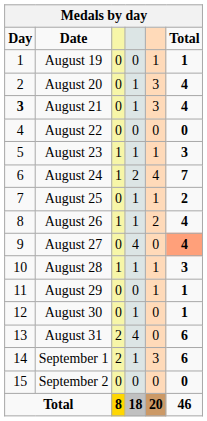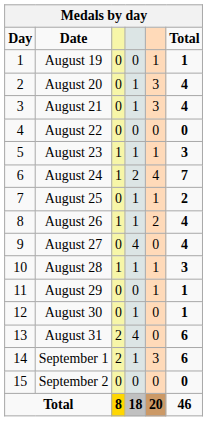 <table class=wikitable style="font-size:85%; float:right;text-align:center">
 <tr>
 <th colspan=7>Medals by day</th>
 </tr>
 <tr>
 <td><strong>Day</strong></td>
 <td><strong>Date</strong></td>
 <td bgcolor=F7F6A8></td>
 <td bgcolor=DCE5E5></td>
 <td bgcolor=FFDAB9></td>
 <td><strong>Total</strong></td>
 </tr>
 <tr>
 <td>1</td>
 <td>August 19</td>
 <td bgcolor=F7F6A8>0</td>
 <td bgcolor=DCE5E5>0</td>
 <td bgcolor=FFDAB9>1</td>
 <td><strong>1</strong></td>
 </tr>
 <tr>
 <td>2</td>
 <td>August 20</td>
 <td bgcolor=F7F6A8>0</td>
 <td bgcolor=DCE5E5>1</td>
 <td bgcolor=FFDAB9>3</td>
 <td><strong>4</strong></td>
 </tr>
 <tr>
-<td><strong>3</strong></td>
+<td>3</td>
 <td>August 21</td>
 <td bgcolor=F7F6A8>0</td>
 <td bgcolor=DCE5E5>1</td>
 <td bgcolor=FFDAB9>3</td>
 <td><strong>4</strong></td>
 </tr>
 <tr>
 <td>4</td>
 <td>August 22</td>
 <td bgcolor=F7F6A8>0</td>
 <td bgcolor=DCE5E5>0</td>
 <td bgcolor=FFDAB9>0</td>
 <td><strong>0</strong></td>
 </tr>
 <tr>
 <td>5</td>
 <td>August 23</td>
 <td bgcolor=F7F6A8>1</td>
 <td bgcolor=DCE5E5>1</td>
 <td bgcolor=FFDAB9>1</td>
 <td><strong>3</strong></td>
 </tr>
 <tr>
 <td>6</td>
 <td>August 24</td>
 <td bgcolor=F7F6A8>1</td>
 <td bgcolor=DCE5E5>2</td>
 <td bgcolor=FFDAB9>4</td>
 <td><strong>7</strong></td>
 </tr>
 <tr>
 <td>7</td>
 <td>August 25</td>
 <td bgcolor=F7F6A8>0</td>
 <td bgcolor=DCE5E5>1</td>
 <td bgcolor=FFDAB9>1</td>
 <td><strong>2</strong></td>
 </tr>
 <tr>
 <td>8</td>
 <td>August 26</td>
 <td bgcolor=F7F6A8>1</td>
 <td bgcolor=DCE5E5>1</td>
 <td bgcolor=FFDAB9>2</td>
 <td><strong>4</strong></td>
 </tr>
 <tr>
 <td>9</td>
 <td>August 27</td>
 <td bgcolor=F7F6A8>0</td>
 <td bgcolor=DCE5E5>4</td>
 <td bgcolor=FFDAB9>0</td>
-<td style="background: lightsalmon;"><strong>4</strong></td>
+<td><strong>4</strong></td>
 </tr>
 <tr>
 <td>10</td>
 <td>August 28</td>
 <td bgcolor=F7F6A8>1</td>
 <td bgcolor=DCE5E5>1</td>
 <td bgcolor=FFDAB9>1</td>
 <td><strong>3</strong></td>
 </tr>
 <tr>
 <td>11</td>
 <td>August 29</td>
 <td bgcolor=F7F6A8>0</td>
 <td bgcolor=DCE5E5>0</td>
 <td bgcolor=FFDAB9>1</td>
 <td><strong>1</strong></td>
 </tr>
 <tr>
 <td>12</td>
 <td>August 30</td>
 <td bgcolor=F7F6A8>0</td>
 <td bgcolor=DCE5E5>1</td>
 <td bgcolor=FFDAB9>0</td>
 <td><strong>1</strong></td>
 </tr>
 <tr>
 <td>13</td>
 <td>August 31</td>
 <td bgcolor=F7F6A8>2</td>
 <td bgcolor=DCE5E5>4</td>
 <td bgcolor=FFDAB9>0</td>
 <td><strong>6</strong></td>
 </tr>
 <tr>
 <td>14</td>
 <td>September 1</td>
 <td bgcolor=F7F6A8>2</td>
 <td bgcolor=DCE5E5>1</td>
 <td bgcolor=FFDAB9>3</td>
 <td><strong>6</strong></td>
 </tr>
 <tr>
 <td>15</td>
 <td>September 2</td>
 <td bgcolor=F7F6A8>0</td>
 <td bgcolor=DCE5E5>0</td>
 <td bgcolor=FFDAB9>0</td>
 <td><strong>0</strong></td>
 </tr>
 <tr>
 <td colspan=2><strong>Total</strong></td>
 <td style="background:gold;"><strong>8</strong></td>
 <td style="background:silver;"><strong>18</strong></td>
 <td style="background:#c96;"><strong>20</strong></td>
 <td><strong>46</strong></td>
 </tr>
 </table>
